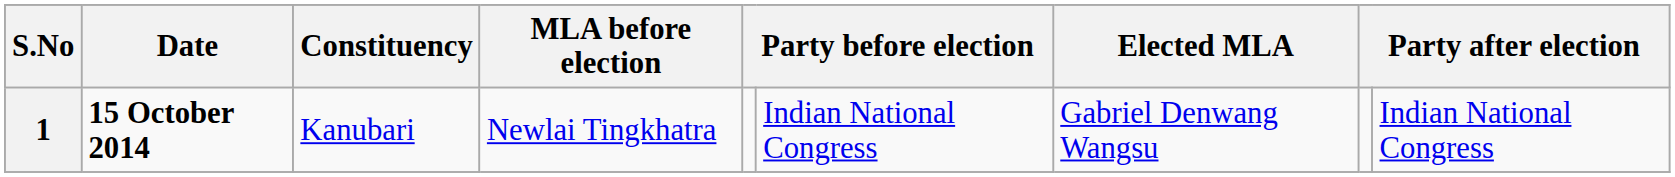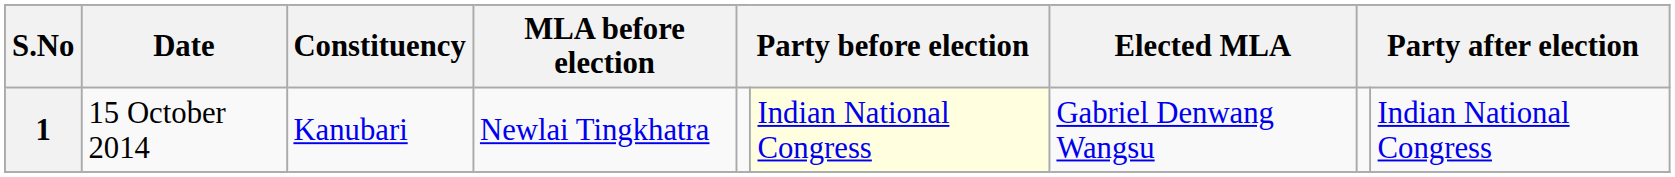 <table class="wikitable sortable">
 <tr>
 <th>S.No</th>
 <th>Date</th>
 <th>Constituency</th>
 <th>MLA before election</th>
 <th colspan="2">Party before election</th>
 <th>Elected MLA</th>
 <th colspan="2">Party after election</th>
 </tr>
 <tr>
 <th>1</th>
-<td><strong>15 October 2014</strong></td>
+<td>15 October 2014</td>
 <td><a href='#'>Kanubari</a></td>
 <td><a href='#'>Newlai Tingkhatra</a></td>
 <td></td>
-<td><a href='#'>Indian National Congress</a></td>
+<td style="background: lightyellow;"><a href='#'>Indian National Congress</a></td>
 <td><a href='#'>Gabriel Denwang Wangsu</a></td>
 <td></td>
 <td><a href='#'>Indian National Congress</a></td>
 </tr>
 </table>
